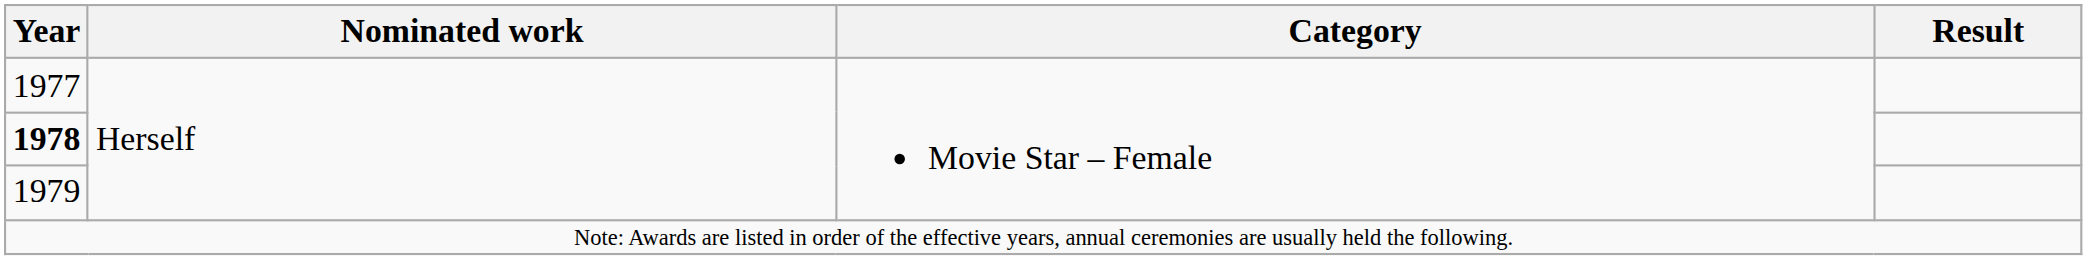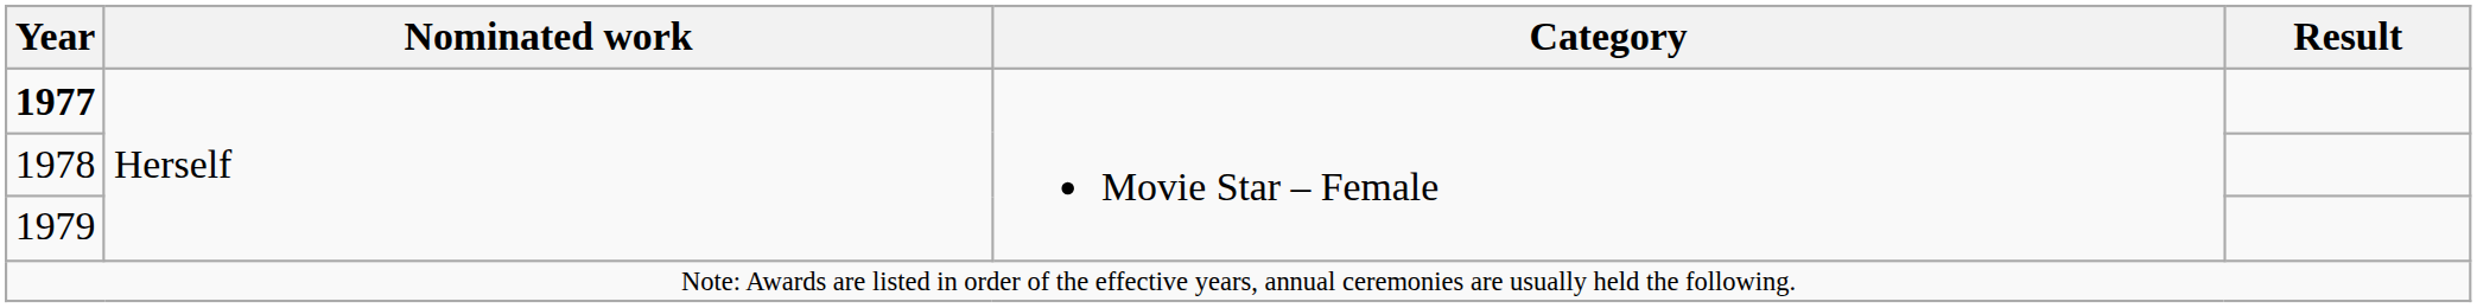 <table class=wikitable>
 <tr>
 <th width=4%>Year</th>
 <th width=36%>Nominated work</th>
 <th width=50%>Category</th>
 <th width=10%>Result</th>
 </tr>
 <tr>
-<td>1977</td>
+<td><strong>1977</strong></td>
 <td rowspan=3>Herself</td>
 <td rowspan=3><br><ul><li>Movie Star – Female</li></ul></td>
 <td></td>
 </tr>
 <tr>
-<td><strong>1978</strong></td>
+<td>1978</td>
 <td></td>
 </tr>
 <tr>
 <td>1979</td>
 <td></td>
 </tr>
 <tr>
 <td colspan=4 width=100% style=font-size:8pt align=center>Note: Awards are listed in order of the effective years, annual ceremonies are usually held the following.</td>
 </tr>
 </table>
